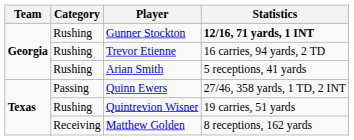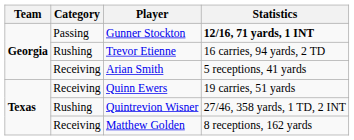 <table class="wikitable" style="float: right;">
 <tr>
 <th>Team</th>
 <th>Category</th>
 <th>Player</th>
 <th>Statistics</th>
 </tr>
 <tr>
 <td rowspan=3><strong>Georgia</strong></td>
-<td>Rushing</td>
+<td>Passing</td>
 <td><a href='#'>Gunner Stockton</a></td>
 <td><strong>12/16, 71 yards, 1 INT</strong></td>
 </tr>
 <tr>
 <td>Rushing</td>
 <td><a href='#'>Trevor Etienne</a></td>
 <td>16 carries, 94 yards, 2 TD</td>
 </tr>
 <tr>
-<td>Rushing</td>
+<td>Receiving</td>
 <td><a href='#'>Arian Smith</a></td>
 <td>5 receptions, 41 yards</td>
 </tr>
 <tr>
 <td rowspan=3><strong>Texas</strong></td>
-<td>Passing</td>
+<td>Receiving</td>
 <td><a href='#'>Quinn Ewers</a></td>
-<td>27/46, 358 yards, 1 TD, 2 INT</td>
+<td>19 carries, 51 yards</td>
 </tr>
 <tr>
 <td>Rushing</td>
 <td><a href='#'>Quintrevion Wisner</a></td>
-<td>19 carries, 51 yards</td>
+<td>27/46, 358 yards, 1 TD, 2 INT</td>
 </tr>
 <tr>
 <td>Receiving</td>
 <td><a href='#'>Matthew Golden</a></td>
 <td>8 receptions, 162 yards</td>
 </tr>
 </table>
